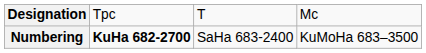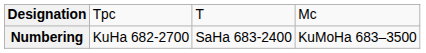 <table class="wikitable">
 <tr>
 <th>Designation</th>
 <td>Tpc</td>
 <td>T</td>
 <td>Mc</td>
 </tr>
 <tr>
 <th>Numbering</th>
-<td><strong>KuHa 682-2700</strong></td>
+<td>KuHa 682-2700</td>
 <td>SaHa 683-2400</td>
 <td>KuMoHa 683–3500</td>
 </tr>
 </table>
